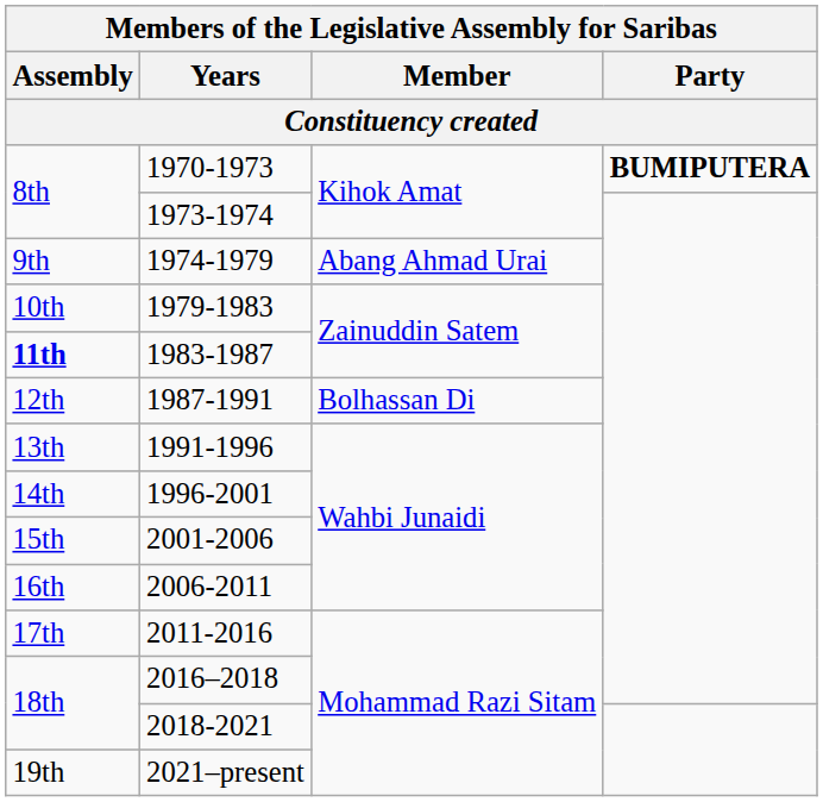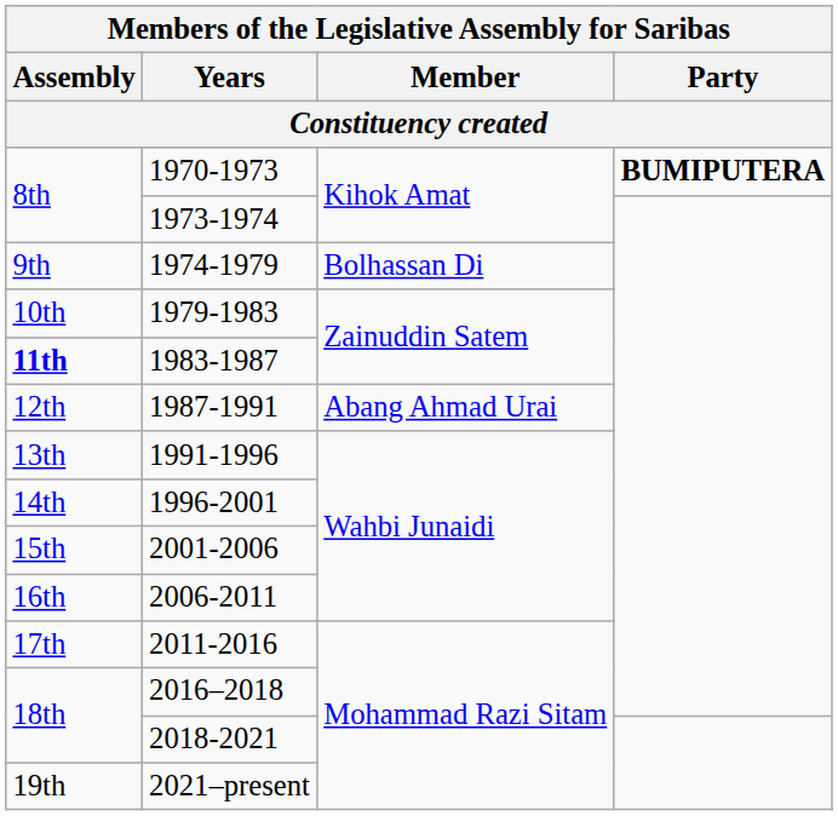 <table class=wikitable>
 <tr>
 <th colspan="4">Members of the Legislative Assembly for Saribas</th>
 </tr>
 <tr>
 <th>Assembly</th>
 <th>Years</th>
 <th>Member</th>
 <th>Party</th>
 </tr>
 <tr>
 <th colspan=4 align=center><em>Constituency created</em></th>
 </tr>
 <tr>
 <td rowspan=2><a href='#'>8th</a></td>
 <td>1970-1973</td>
 <td rowspan=2><a href='#'>Kihok Amat</a></td>
 <td><strong>BUMIPUTERA</strong></td>
 </tr>
 <tr>
 <td>1973-1974</td>
 <td rowspan=11></td>
 </tr>
 <tr>
 <td><a href='#'>9th</a></td>
 <td>1974-1979</td>
-<td><a href='#'>Abang Ahmad Urai</a></td>
+<td><a href='#'>Bolhassan Di</a></td>
 </tr>
 <tr>
 <td><a href='#'>10th</a></td>
 <td>1979-1983</td>
 <td rowspan=2><a href='#'>Zainuddin Satem</a></td>
 </tr>
 <tr>
 <td><strong><a href='#'>11th</a></strong></td>
 <td>1983-1987</td>
 </tr>
 <tr>
 <td><a href='#'>12th</a></td>
 <td>1987-1991</td>
-<td><a href='#'>Bolhassan Di</a></td>
+<td><a href='#'>Abang Ahmad Urai</a></td>
 </tr>
 <tr>
 <td><a href='#'>13th</a></td>
 <td>1991-1996</td>
 <td rowspan=4><a href='#'>Wahbi Junaidi</a></td>
 </tr>
 <tr>
 <td><a href='#'>14th</a></td>
 <td>1996-2001</td>
 </tr>
 <tr>
 <td><a href='#'>15th</a></td>
 <td>2001-2006</td>
 </tr>
 <tr>
 <td><a href='#'>16th</a></td>
 <td>2006-2011</td>
 </tr>
 <tr>
 <td><a href='#'>17th</a></td>
 <td>2011-2016</td>
 <td rowspan="4"><a href='#'>Mohammad Razi Sitam</a></td>
 </tr>
 <tr>
 <td rowspan="2"><a href='#'>18th</a></td>
 <td>2016–2018</td>
 </tr>
 <tr>
 <td>2018-2021</td>
 <td rowspan=2></td>
 </tr>
 <tr>
 <td>19th</td>
 <td>2021–present</td>
 </tr>
 </table>
